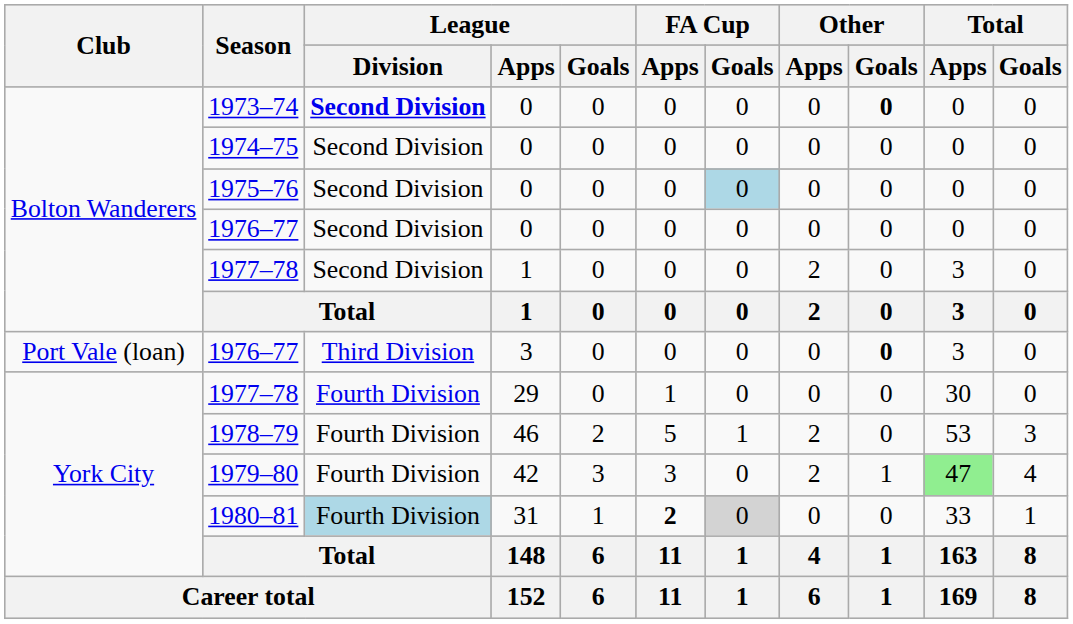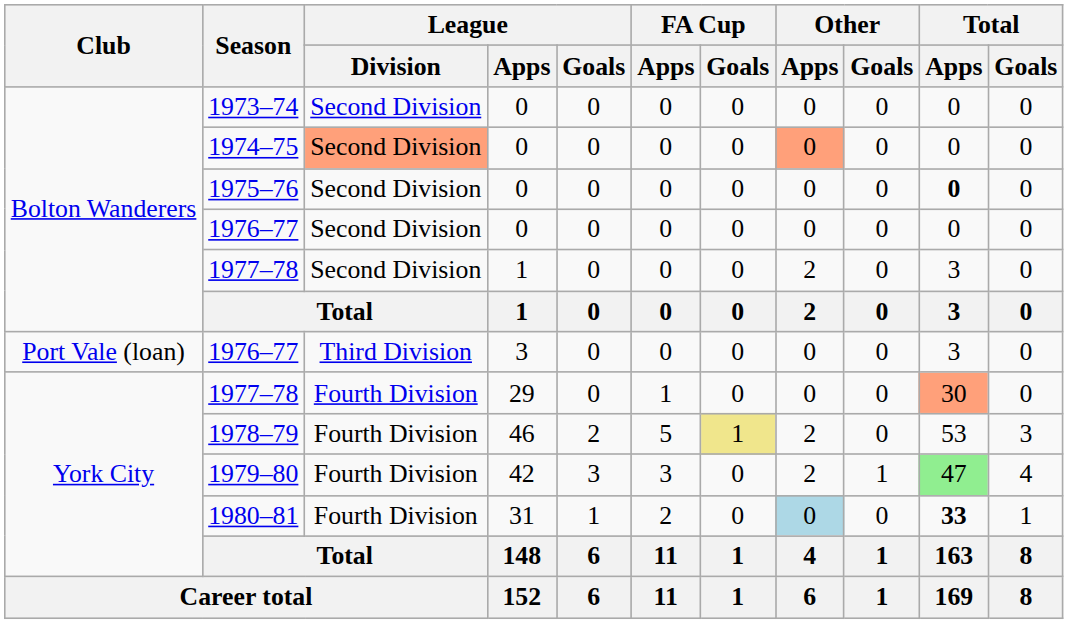 <table class="wikitable" style="text-align:center">
 <tr>
 <th rowspan="2">Club</th>
 <th rowspan="2">Season</th>
 <th colspan="3">League</th>
 <th colspan="2">FA Cup</th>
 <th colspan="2">Other</th>
 <th colspan="2">Total</th>
 </tr>
 <tr>
 <th>Division</th>
 <th>Apps</th>
 <th>Goals</th>
 <th>Apps</th>
 <th>Goals</th>
 <th>Apps</th>
 <th>Goals</th>
 <th>Apps</th>
 <th>Goals</th>
 </tr>
 <tr>
 <td rowspan="6"><a href='#'>Bolton Wanderers</a></td>
 <td><a href='#'>1973–74</a></td>
-<td><strong><a href='#'>Second Division</a></strong></td>
-<td>0</td>
-<td>0</td>
-<td>0</td>
-<td>0</td>
-<td>0</td>
-<td><strong>0</strong></td>
-<td>0</td>
-<td>0</td>
-</tr>
-<tr>
-<td><a href='#'>1974–75</a></td>
-<td>Second Division</td>
+<td><a href='#'>Second Division</a></td>
 <td>0</td>
 <td>0</td>
 <td>0</td>
 <td>0</td>
 <td>0</td>
 <td>0</td>
 <td>0</td>
 <td>0</td>
 </tr>
 <tr>
+<td><a href='#'>1974–75</a></td>
+<td style="background: lightsalmon;">Second Division</td>
+<td>0</td>
+<td>0</td>
+<td>0</td>
+<td>0</td>
+<td style="background: lightsalmon;">0</td>
+<td>0</td>
+<td>0</td>
+<td>0</td>
+</tr>
+<tr>
 <td><a href='#'>1975–76</a></td>
 <td>Second Division</td>
 <td>0</td>
 <td>0</td>
 <td>0</td>
-<td style="background: lightblue;">0</td>
 <td>0</td>
 <td>0</td>
 <td>0</td>
+<td><strong>0</strong></td>
 <td>0</td>
 </tr>
 <tr>
 <td><a href='#'>1976–77</a></td>
 <td>Second Division</td>
 <td>0</td>
 <td>0</td>
 <td>0</td>
 <td>0</td>
 <td>0</td>
 <td>0</td>
 <td>0</td>
 <td>0</td>
 </tr>
 <tr>
 <td><a href='#'>1977–78</a></td>
 <td>Second Division</td>
 <td>1</td>
 <td>0</td>
 <td>0</td>
 <td>0</td>
 <td>2</td>
 <td>0</td>
 <td>3</td>
 <td>0</td>
 </tr>
 <tr>
 <th colspan="2">Total</th>
 <th>1</th>
 <th>0</th>
 <th>0</th>
 <th>0</th>
 <th>2</th>
 <th>0</th>
 <th>3</th>
 <th>0</th>
 </tr>
 <tr>
 <td><a href='#'>Port Vale</a> (loan)</td>
 <td><a href='#'>1976–77</a></td>
 <td><a href='#'>Third Division</a></td>
 <td>3</td>
 <td>0</td>
 <td>0</td>
 <td>0</td>
 <td>0</td>
-<td><strong>0</strong></td>
+<td>0</td>
 <td>3</td>
 <td>0</td>
 </tr>
 <tr>
 <td rowspan="5"><a href='#'>York City</a></td>
 <td><a href='#'>1977–78</a></td>
 <td><a href='#'>Fourth Division</a></td>
 <td>29</td>
 <td>0</td>
 <td>1</td>
 <td>0</td>
 <td>0</td>
 <td>0</td>
-<td>30</td>
+<td style="background: lightsalmon;">30</td>
 <td>0</td>
 </tr>
 <tr>
 <td><a href='#'>1978–79</a></td>
 <td>Fourth Division</td>
 <td>46</td>
 <td>2</td>
 <td>5</td>
-<td>1</td>
+<td style="background: khaki;">1</td>
 <td>2</td>
 <td>0</td>
 <td>53</td>
 <td>3</td>
 </tr>
 <tr>
 <td><a href='#'>1979–80</a></td>
 <td>Fourth Division</td>
 <td>42</td>
 <td>3</td>
 <td>3</td>
 <td>0</td>
 <td>2</td>
 <td>1</td>
 <td style="background: lightgreen;">47</td>
 <td>4</td>
 </tr>
 <tr>
 <td><a href='#'>1980–81</a></td>
-<td style="background: lightblue;">Fourth Division</td>
+<td>Fourth Division</td>
 <td>31</td>
 <td>1</td>
-<td><strong>2</strong></td>
-<td style="background: lightgrey;">0</td>
+<td>2</td>
 <td>0</td>
+<td style="background: lightblue;">0</td>
 <td>0</td>
-<td>33</td>
+<td><strong>33</strong></td>
 <td>1</td>
 </tr>
 <tr>
 <th colspan="2">Total</th>
 <th>148</th>
 <th>6</th>
 <th>11</th>
 <th>1</th>
 <th>4</th>
 <th>1</th>
 <th>163</th>
 <th>8</th>
 </tr>
 <tr>
 <th colspan="3">Career total</th>
 <th>152</th>
 <th>6</th>
 <th>11</th>
 <th>1</th>
 <th>6</th>
 <th>1</th>
 <th>169</th>
 <th>8</th>
 </tr>
 </table>
